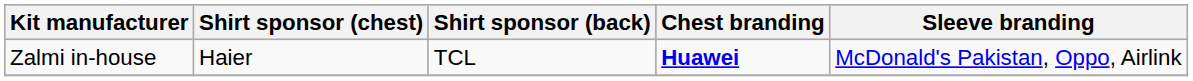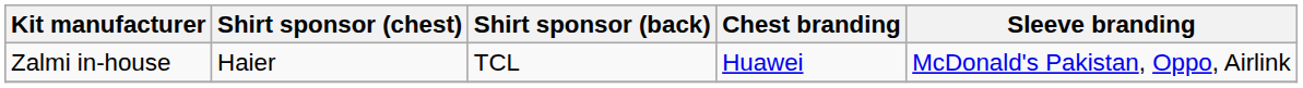 <table class="wikitable"  style="font-size:85%;">
 <tr>
 <th>Kit manufacturer</th>
 <th>Shirt sponsor (chest)</th>
 <th>Shirt sponsor (back)</th>
 <th>Chest branding</th>
 <th>Sleeve branding</th>
 </tr>
 <tr>
 <td>Zalmi in-house</td>
 <td>Haier</td>
 <td>TCL</td>
-<td><strong><a href='#'>Huawei</a></strong></td>
+<td><a href='#'>Huawei</a></td>
 <td><a href='#'>McDonald's Pakistan</a>, <a href='#'>Oppo</a>, Airlink</td>
 </tr>
 <tr>
 </tr>
 </table>
